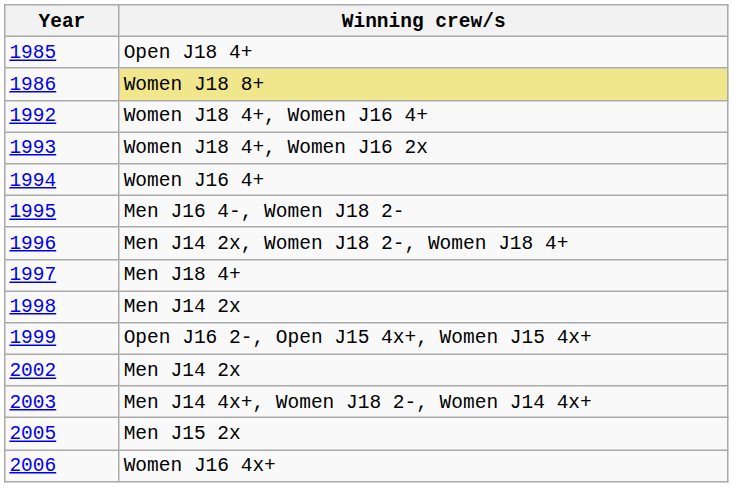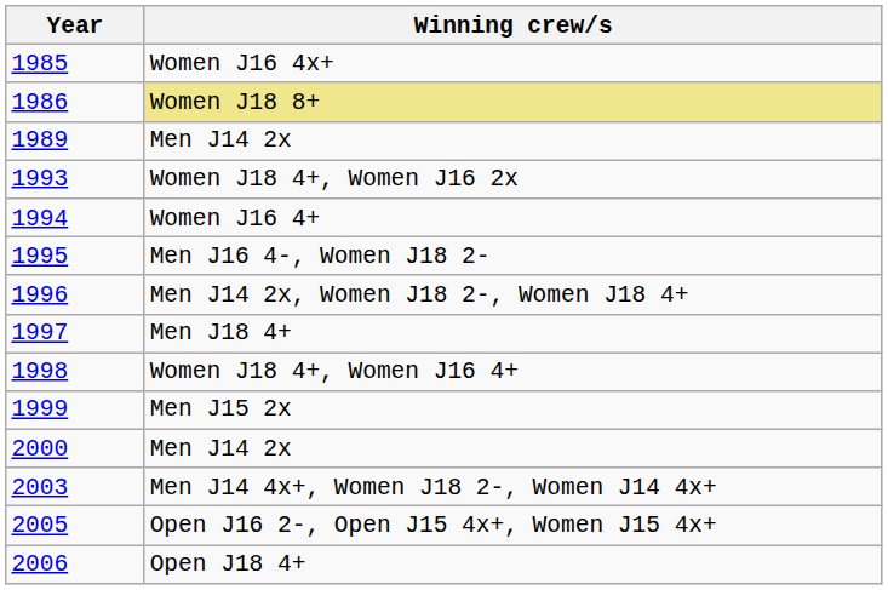 <table class="wikitable">
 <tr>
 <th width=70>Year</th>
 <th width=400>Winning crew/s</th>
 </tr>
 <tr>
 <td><a href='#'>1985</a></td>
-<td>Open J18 4+ </td>
+<td>Women J16 4x+ </td>
 </tr>
 <tr>
 <td><a href='#'>1986</a></td>
 <td style="background: khaki;">Women J18 8+ </td>
 </tr>
 <tr>
-<td><a href='#'>1992</a></td>
-<td>Women J18 4+, Women J16 4+ </td>
+<td><a href='#'>1989</a></td>
+<td>Men J14 2x</td>
 </tr>
 <tr>
 <td><a href='#'>1993</a></td>
 <td>Women J18 4+, Women J16 2x </td>
 </tr>
 <tr>
 <td><a href='#'>1994</a></td>
 <td>Women J16 4+</td>
 </tr>
 <tr>
 <td><a href='#'>1995</a></td>
 <td>Men J16 4-, Women J18 2-</td>
 </tr>
 <tr>
 <td><a href='#'>1996</a></td>
 <td>Men J14 2x, Women J18 2-, Women J18 4+ </td>
 </tr>
 <tr>
 <td><a href='#'>1997</a></td>
 <td>Men J18 4+ </td>
 </tr>
 <tr>
 <td><a href='#'>1998</a></td>
-<td>Men J14 2x</td>
+<td>Women J18 4+, Women J16 4+ </td>
 </tr>
 <tr>
 <td><a href='#'>1999</a></td>
-<td>Open J16 2-, Open J15 4x+, Women J15 4x+</td>
+<td>Men J15 2x</td>
 </tr>
 <tr>
-<td><a href='#'>2002</a></td>
+<td><a href='#'>2000</a></td>
 <td>Men J14 2x</td>
 </tr>
 <tr>
 <td><a href='#'>2003</a></td>
 <td>Men J14 4x+, Women J18 2-, Women J14 4x+</td>
 </tr>
 <tr>
 <td><a href='#'>2005</a></td>
-<td>Men J15 2x</td>
+<td>Open J16 2-, Open J15 4x+, Women J15 4x+</td>
 </tr>
 <tr>
 <td><a href='#'>2006</a></td>
-<td>Women J16 4x+ </td>
+<td>Open J18 4+ </td>
 </tr>
 </table>
